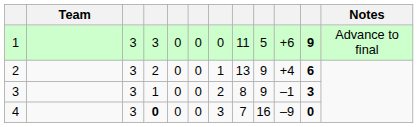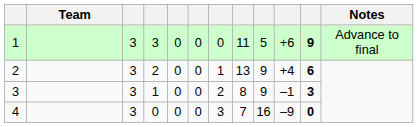 <table class="wikitable" style="text-align: center; font-size: 97%;">
 <tr>
 <th width="20"></th>
 <th width="110">Team</th>
 <th width="18"></th>
 <th width="22"></th>
 <th width="18"></th>
 <th width="18"></th>
 <th width="22"></th>
 <th width="18"></th>
 <th width="18"></th>
 <th width="25"></th>
 <th width="18"></th>
 <th width="105">Notes</th>
 </tr>
 <tr style="background-color: #ccffcc;">
 <td>1</td>
 <td align=left></td>
 <td>3</td>
 <td>3</td>
 <td>0</td>
 <td>0</td>
 <td>0</td>
 <td>11</td>
 <td>5</td>
 <td>+6</td>
 <td><strong>9</strong></td>
 <td>Advance to final</td>
 </tr>
 <tr>
 <td>2</td>
 <td align=left></td>
 <td>3</td>
 <td>2</td>
 <td>0</td>
 <td>0</td>
 <td>1</td>
 <td>13</td>
 <td>9</td>
 <td>+4</td>
 <td><strong>6</strong></td>
 <td rowspan="3"></td>
 </tr>
 <tr>
 <td>3</td>
 <td align=left></td>
 <td>3</td>
 <td>1</td>
 <td>0</td>
 <td>0</td>
 <td>2</td>
 <td>8</td>
 <td>9</td>
 <td>–1</td>
 <td><strong>3</strong></td>
 </tr>
 <tr>
 <td>4</td>
 <td align=left></td>
 <td>3</td>
-<td><strong>0</strong></td>
+<td>0</td>
 <td>0</td>
 <td>0</td>
 <td>3</td>
 <td>7</td>
 <td>16</td>
 <td>–9</td>
 <td><strong>0</strong></td>
 </tr>
 </table>
